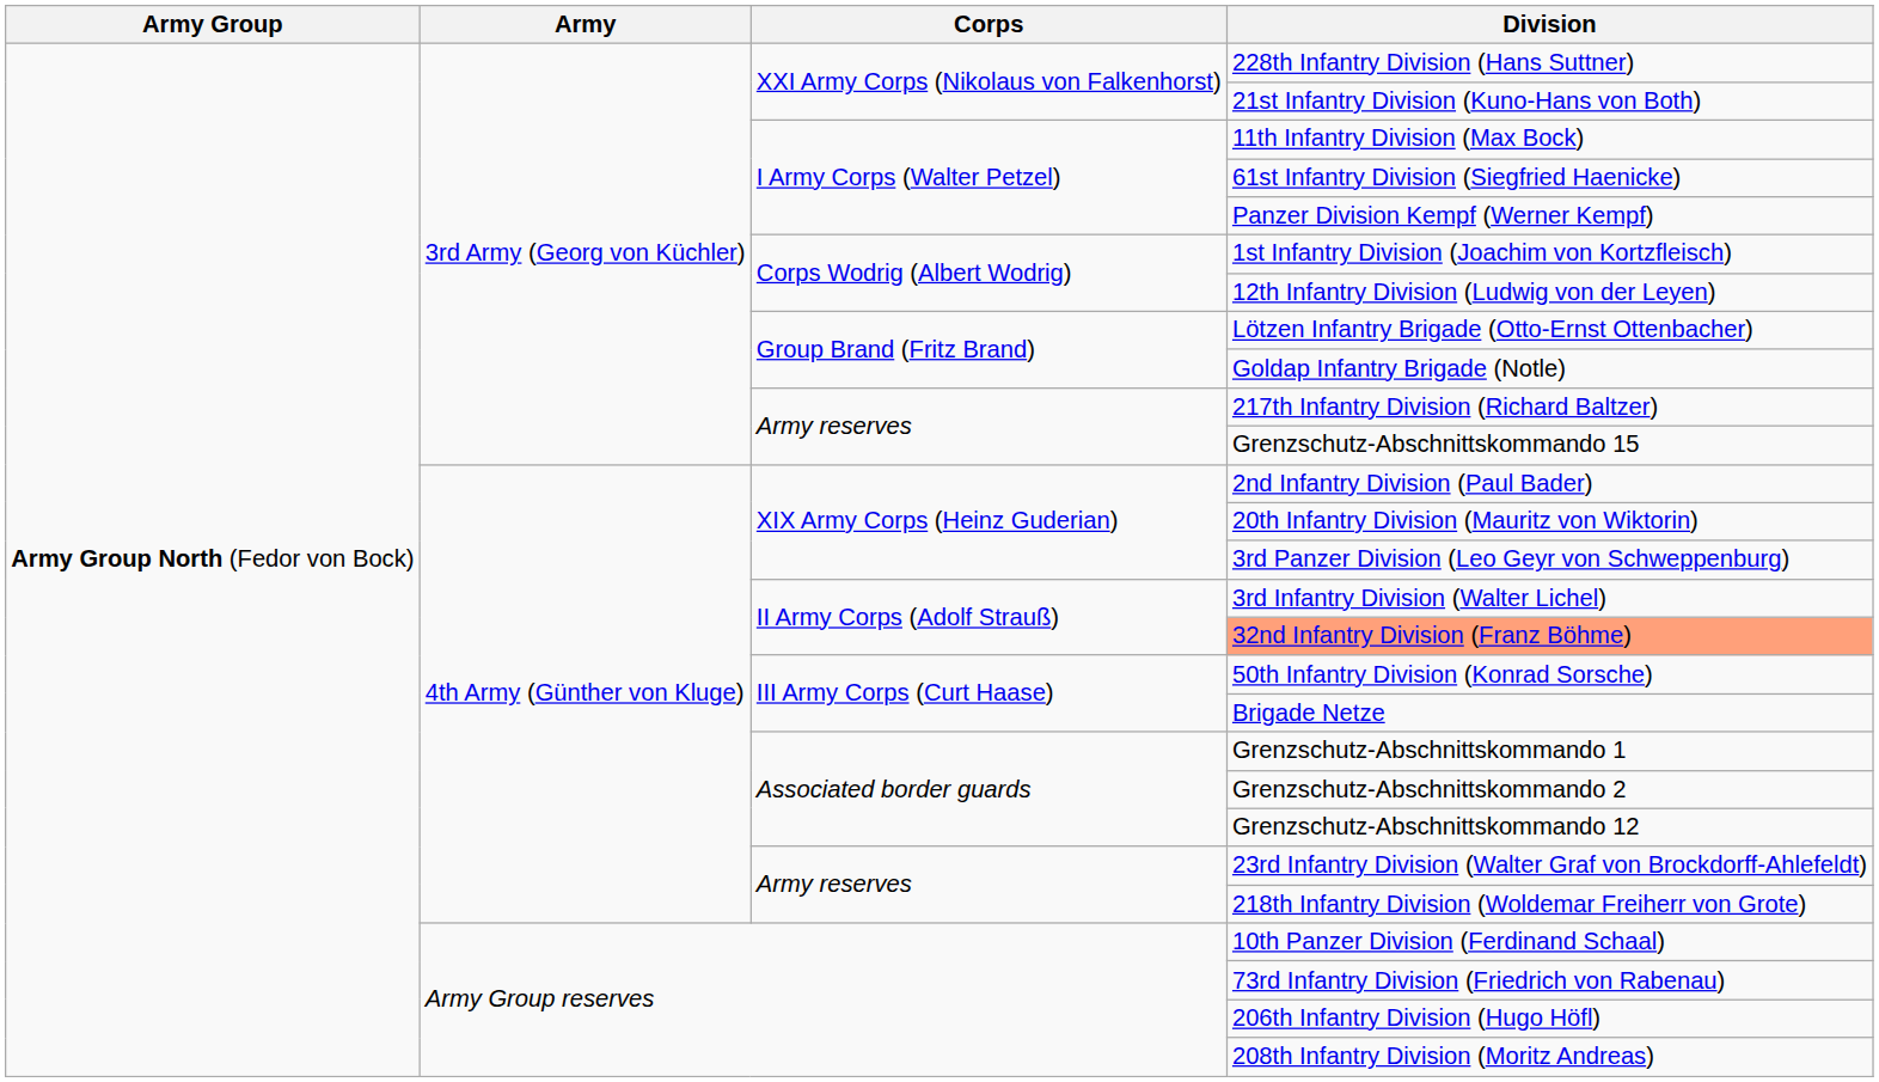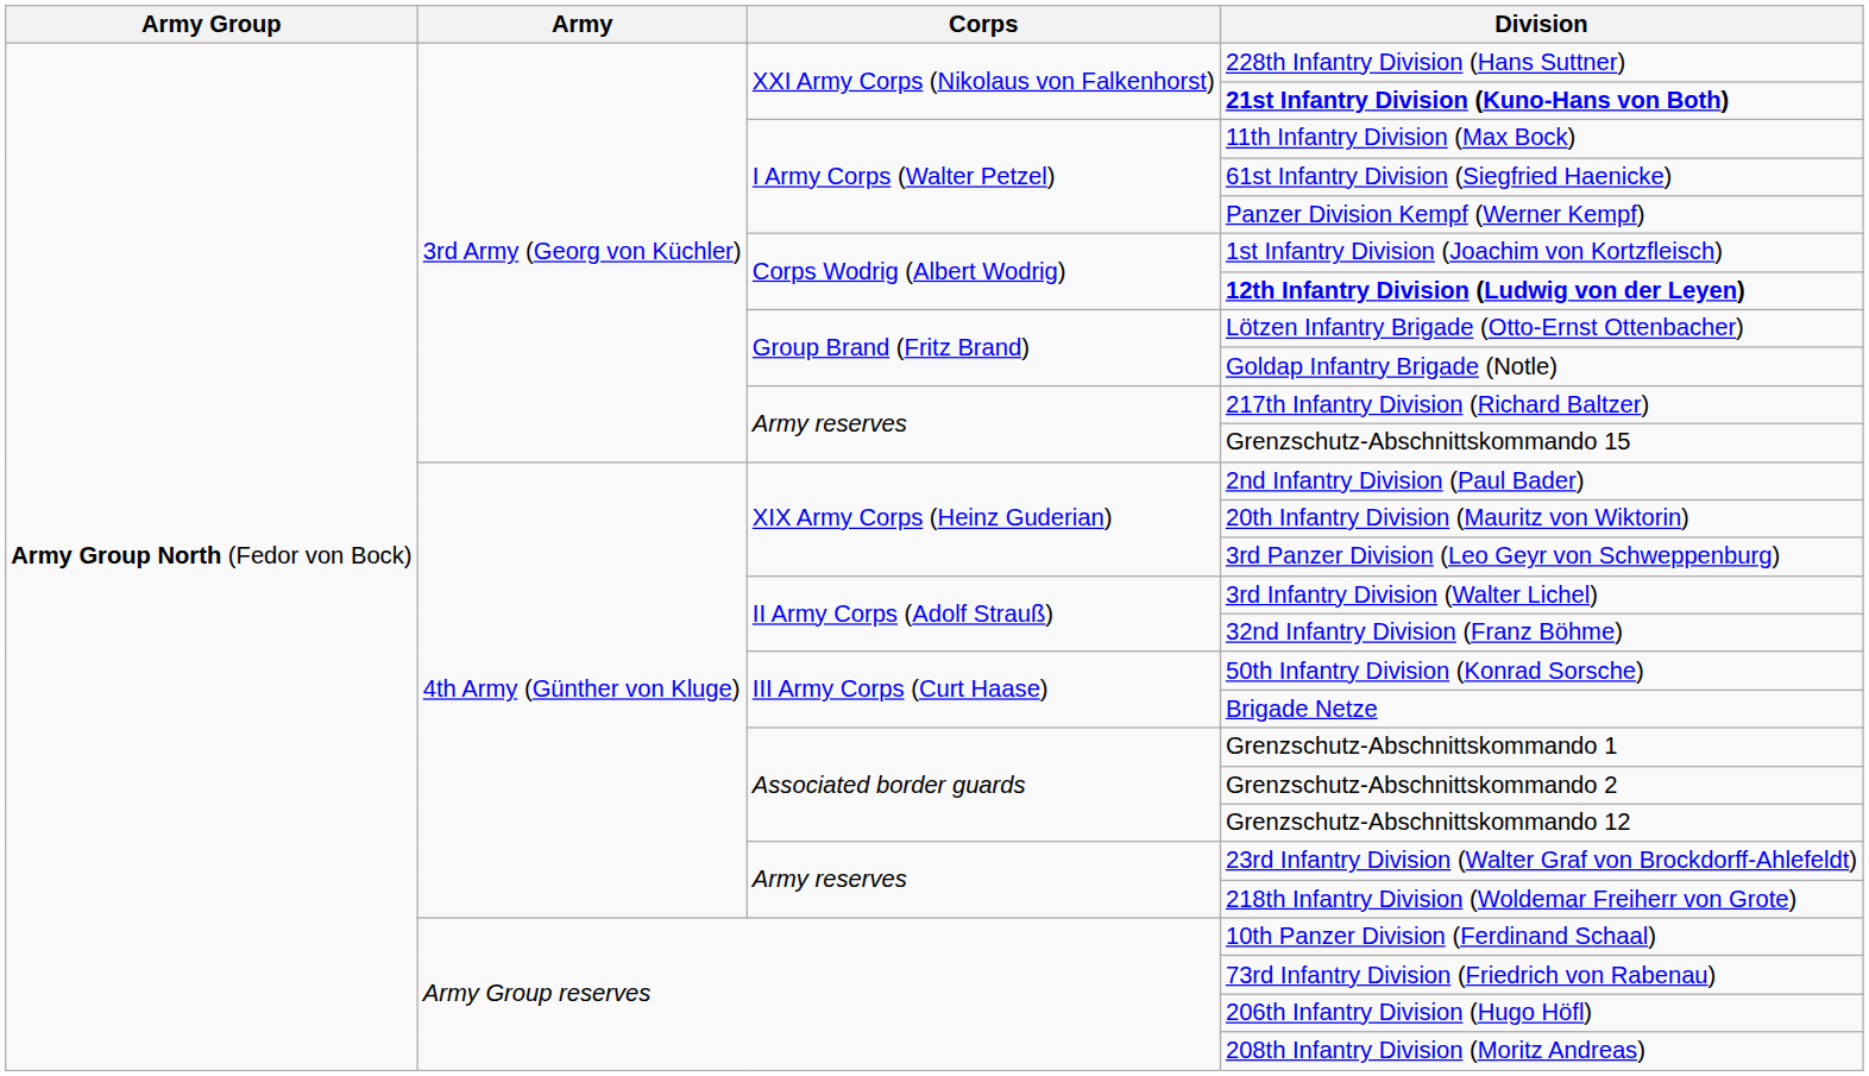 <table class="wikitable">
 <tr>
 <th>Army Group</th>
 <th>Army</th>
 <th>Corps</th>
 <th>Division</th>
 </tr>
 <tr>
 <td rowspan="27"><strong>Army Group North</strong> (Fedor von Bock)</td>
 <td rowspan="11"><a href='#'>3rd Army</a> (<a href='#'>Georg von Küchler</a>)</td>
 <td rowspan="2"><a href='#'>XXI Army Corps</a> (<a href='#'>Nikolaus von Falkenhorst</a>)</td>
 <td><a href='#'>228th Infantry Division</a> (<a href='#'>Hans Suttner</a>)</td>
 </tr>
 <tr>
-<td><a href='#'>21st Infantry Division</a> (<a href='#'>Kuno-Hans von Both</a>)</td>
+<td><strong><a href='#'>21st Infantry Division</a> (<a href='#'>Kuno-Hans von Both</a>)</strong></td>
 </tr>
 <tr>
 <td rowspan="3"><a href='#'>I Army Corps</a> (<a href='#'>Walter Petzel</a>)</td>
 <td><a href='#'>11th Infantry Division</a> (<a href='#'>Max Bock</a>)</td>
 </tr>
 <tr>
 <td><a href='#'>61st Infantry Division</a> (<a href='#'>Siegfried Haenicke</a>)</td>
 </tr>
 <tr>
 <td><a href='#'>Panzer Division Kempf</a> (<a href='#'>Werner Kempf</a>)</td>
 </tr>
 <tr>
 <td rowspan="2"><a href='#'>Corps Wodrig</a> (<a href='#'>Albert Wodrig</a>)</td>
 <td><a href='#'>1st Infantry Division</a> (<a href='#'>Joachim von Kortzfleisch</a>)</td>
 </tr>
 <tr>
-<td><a href='#'>12th Infantry Division</a> (<a href='#'>Ludwig von der Leyen</a>)</td>
+<td><strong><a href='#'>12th Infantry Division</a> (<a href='#'>Ludwig von der Leyen</a>)</strong></td>
 </tr>
 <tr>
 <td rowspan="2"><a href='#'>Group Brand</a> (<a href='#'>Fritz Brand</a>)</td>
 <td><a href='#'>Lötzen Infantry Brigade</a> (<a href='#'>Otto-Ernst Ottenbacher</a>)</td>
 </tr>
 <tr>
 <td><a href='#'>Goldap Infantry Brigade</a> (Notle)</td>
 </tr>
 <tr>
 <td rowspan="2"><em>Army reserves</em></td>
 <td><a href='#'>217th Infantry Division</a> (<a href='#'>Richard Baltzer</a>)</td>
 </tr>
 <tr>
 <td>Grenzschutz-Abschnittskommando 15</td>
 </tr>
 <tr>
 <td rowspan="12"><a href='#'>4th Army</a> (<a href='#'>Günther von Kluge</a>)</td>
 <td rowspan="3"><a href='#'>XIX Army Corps</a> (<a href='#'>Heinz Guderian</a>)</td>
 <td><a href='#'>2nd Infantry Division</a> (<a href='#'>Paul Bader</a>)</td>
 </tr>
 <tr>
 <td><a href='#'>20th Infantry Division</a> (<a href='#'>Mauritz von Wiktorin</a>)</td>
 </tr>
 <tr>
 <td><a href='#'>3rd Panzer Division</a> (<a href='#'>Leo Geyr von Schweppenburg</a>)</td>
 </tr>
 <tr>
 <td rowspan="2"><a href='#'>II Army Corps</a> (<a href='#'>Adolf Strauß</a>)</td>
 <td><a href='#'>3rd Infantry Division</a> (<a href='#'>Walter Lichel</a>)</td>
 </tr>
 <tr>
-<td style="background: lightsalmon;"><a href='#'>32nd Infantry Division</a> (<a href='#'>Franz Böhme</a>)</td>
+<td><a href='#'>32nd Infantry Division</a> (<a href='#'>Franz Böhme</a>)</td>
 </tr>
 <tr>
 <td rowspan="2"><a href='#'>III Army Corps</a> (<a href='#'>Curt Haase</a>)</td>
 <td><a href='#'>50th Infantry Division</a> (<a href='#'>Konrad Sorsche</a>)</td>
 </tr>
 <tr>
 <td><a href='#'>Brigade Netze</a></td>
 </tr>
 <tr>
 <td rowspan="3"><em>Associated border guards</em></td>
 <td>Grenzschutz-Abschnittskommando 1</td>
 </tr>
 <tr>
 <td>Grenzschutz-Abschnittskommando 2</td>
 </tr>
 <tr>
 <td>Grenzschutz-Abschnittskommando 12</td>
 </tr>
 <tr>
 <td rowspan="2"><em>Army reserves</em></td>
 <td><a href='#'>23rd Infantry Division</a> (<a href='#'>Walter Graf von Brockdorff-Ahlefeldt</a>)</td>
 </tr>
 <tr>
 <td><a href='#'>218th Infantry Division</a> (<a href='#'>Woldemar Freiherr von Grote</a>)</td>
 </tr>
 <tr>
 <td colspan="2" rowspan="4"><em>Army Group reserves</em></td>
 <td><a href='#'>10th Panzer Division</a> (<a href='#'>Ferdinand Schaal</a>)</td>
 </tr>
 <tr>
 <td><a href='#'>73rd Infantry Division</a> (<a href='#'>Friedrich von Rabenau</a>)</td>
 </tr>
 <tr>
 <td><a href='#'>206th Infantry Division</a> (<a href='#'>Hugo Höfl</a>)</td>
 </tr>
 <tr>
 <td><a href='#'>208th Infantry Division</a> (<a href='#'>Moritz Andreas</a>)</td>
 </tr>
 </table>
